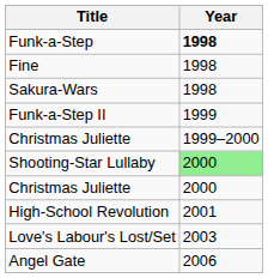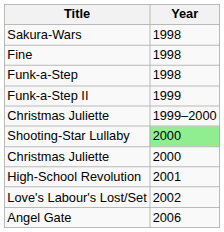 <table class="wikitable sortable">
 <tr>
 <th>Title</th>
 <th>Year</th>
 </tr>
 <tr>
-<td>Funk-a-Step</td>
-<td><strong>1998</strong></td>
+<td>Sakura-Wars</td>
+<td>1998</td>
 </tr>
 <tr>
 <td>Fine</td>
 <td>1998</td>
 </tr>
 <tr>
-<td>Sakura-Wars</td>
+<td>Funk-a-Step</td>
 <td>1998</td>
 </tr>
 <tr>
 <td>Funk-a-Step II</td>
 <td>1999</td>
 </tr>
 <tr>
 <td>Christmas Juliette</td>
 <td>1999–2000</td>
 </tr>
 <tr>
 <td>Shooting-Star Lullaby</td>
 <td style="background: lightgreen;">2000</td>
 </tr>
 <tr>
 <td>Christmas Juliette</td>
 <td>2000</td>
 </tr>
 <tr>
 <td>High-School Revolution</td>
 <td>2001</td>
 </tr>
 <tr>
 <td>Love's Labour's Lost/Set</td>
-<td>2003</td>
+<td>2002</td>
 </tr>
 <tr>
 <td>Angel Gate</td>
 <td>2006</td>
 </tr>
 </table>
